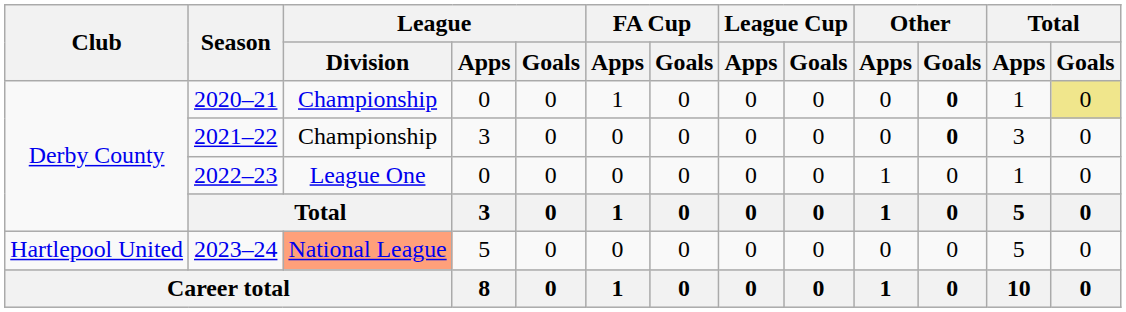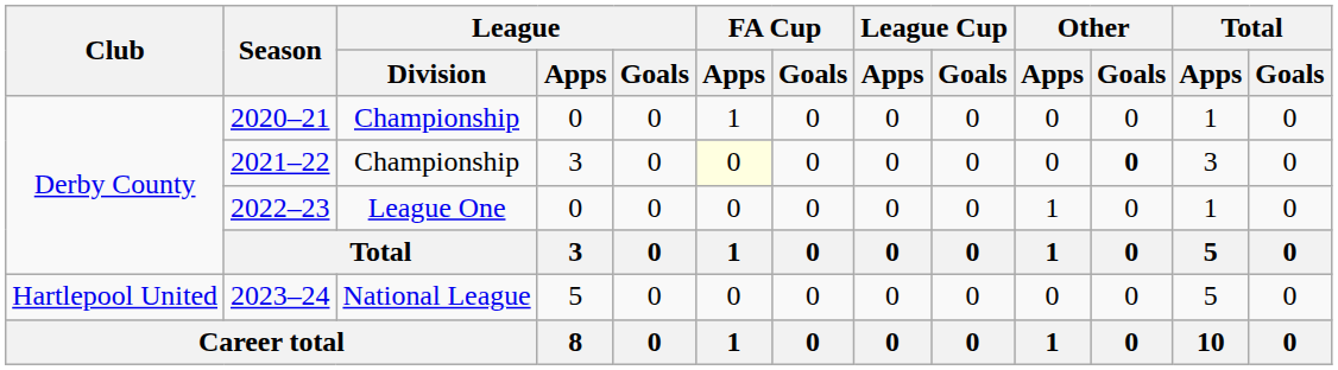 <table class="wikitable" style="text-align:center">
 <tr>
 <th rowspan="2">Club</th>
 <th rowspan="2">Season</th>
 <th colspan="3">League</th>
 <th colspan="2">FA Cup</th>
 <th colspan="2">League Cup</th>
 <th colspan="2">Other</th>
 <th colspan="2">Total</th>
 </tr>
 <tr>
 <th>Division</th>
 <th>Apps</th>
 <th>Goals</th>
 <th>Apps</th>
 <th>Goals</th>
 <th>Apps</th>
 <th>Goals</th>
 <th>Apps</th>
 <th>Goals</th>
 <th>Apps</th>
 <th>Goals</th>
 </tr>
 <tr>
 <td rowspan="4"><a href='#'>Derby County</a></td>
 <td><a href='#'>2020–21</a></td>
 <td><a href='#'>Championship</a></td>
 <td>0</td>
 <td>0</td>
 <td>1</td>
 <td>0</td>
 <td>0</td>
 <td>0</td>
 <td>0</td>
-<td><strong>0</strong></td>
+<td>0</td>
 <td>1</td>
-<td style="background: khaki;">0</td>
+<td>0</td>
 </tr>
 <tr>
 <td><a href='#'>2021–22</a></td>
 <td>Championship</td>
 <td>3</td>
 <td>0</td>
-<td>0</td>
+<td style="background: lightyellow;">0</td>
 <td>0</td>
 <td>0</td>
 <td>0</td>
 <td>0</td>
 <td><strong>0</strong></td>
 <td>3</td>
 <td>0</td>
 </tr>
 <tr>
 <td><a href='#'>2022–23</a></td>
 <td><a href='#'>League One</a></td>
 <td>0</td>
 <td>0</td>
 <td>0</td>
 <td>0</td>
 <td>0</td>
 <td>0</td>
 <td>1</td>
 <td>0</td>
 <td>1</td>
 <td>0</td>
 </tr>
 <tr>
 <th colspan="2">Total</th>
 <th>3</th>
 <th>0</th>
 <th>1</th>
 <th>0</th>
 <th>0</th>
 <th>0</th>
 <th>1</th>
 <th>0</th>
 <th>5</th>
 <th>0</th>
 </tr>
 <tr>
 <td><a href='#'>Hartlepool United</a></td>
 <td><a href='#'>2023–24</a></td>
-<td style="background: lightsalmon;"><a href='#'>National League</a></td>
+<td><a href='#'>National League</a></td>
 <td>5</td>
 <td>0</td>
 <td>0</td>
 <td>0</td>
 <td>0</td>
 <td>0</td>
 <td>0</td>
 <td>0</td>
 <td>5</td>
 <td>0</td>
 </tr>
 <tr>
 <th colspan="3">Career total</th>
 <th>8</th>
 <th>0</th>
 <th>1</th>
 <th>0</th>
 <th>0</th>
 <th>0</th>
 <th>1</th>
 <th>0</th>
 <th>10</th>
 <th>0</th>
 </tr>
 </table>
